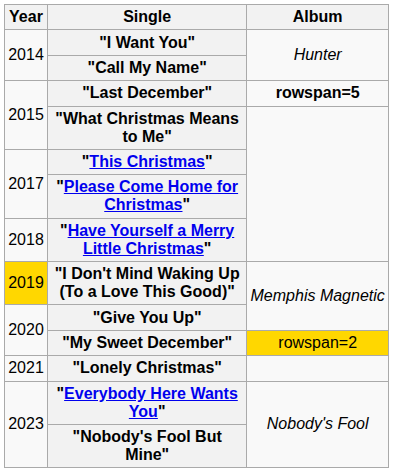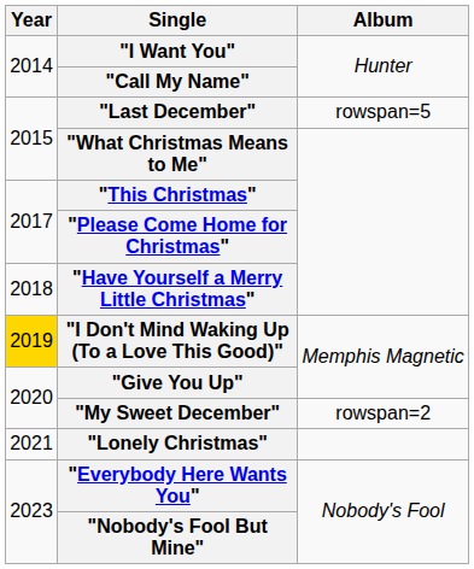 <table class="wikitable plainrowheaders" style="text-align:center;">
 <tr>
 <th scope="col" rowspan="1">Year</th>
 <th scope="col" rowspan="1" style="width:12em;">Single</th>
 <th scope="col" rowspan="1">Album</th>
 </tr>
 <tr>
 <td rowspan=2>2014</td>
 <th scope="row">"I Want You"</th>
 <td rowspan="2"><em>Hunter</em></td>
 </tr>
 <tr>
 <th scope="row">"Call My Name"</th>
 </tr>
 <tr>
 <td rowspan=2>2015</td>
 <th scope="row">"Last December"</th>
-<td><strong>rowspan=5 </strong></td>
+<td>rowspan=5 </td>
 </tr>
 <tr>
 <th scope="row">"What Christmas Means to Me"</th>
 </tr>
 <tr>
 <td rowspan=2>2017</td>
 <th scope="row">"<a href='#'>This Christmas</a>"</th>
 </tr>
 <tr>
 <th scope="row">"<a href='#'>Please Come Home for Christmas</a>"</th>
 </tr>
 <tr>
 <td>2018</td>
 <th scope="row">"<a href='#'>Have Yourself a Merry Little Christmas</a>"</th>
 </tr>
 <tr>
 <td style="background: gold;">2019</td>
 <th scope="row">"I Don't Mind Waking Up (To a Love This Good)"</th>
 <td rowspan="2"><em>Memphis Magnetic</em></td>
 </tr>
 <tr>
 <td rowspan=2>2020</td>
 <th scope="row">"Give You Up"</th>
 </tr>
 <tr>
 <th scope="row">"My Sweet December"</th>
-<td style="background: gold;">rowspan=2 </td>
+<td>rowspan=2 </td>
 </tr>
 <tr>
 <td>2021</td>
 <th scope="row">"Lonely Christmas"</th>
 </tr>
 <tr>
 <td rowspan=2>2023</td>
 <th scope="row">"<a href='#'>Everybody Here Wants You</a>"</th>
 <td rowspan=2><em>Nobody's Fool</em></td>
 </tr>
 <tr>
 <th scope="row">"Nobody's Fool But Mine"</th>
 </tr>
 </table>
